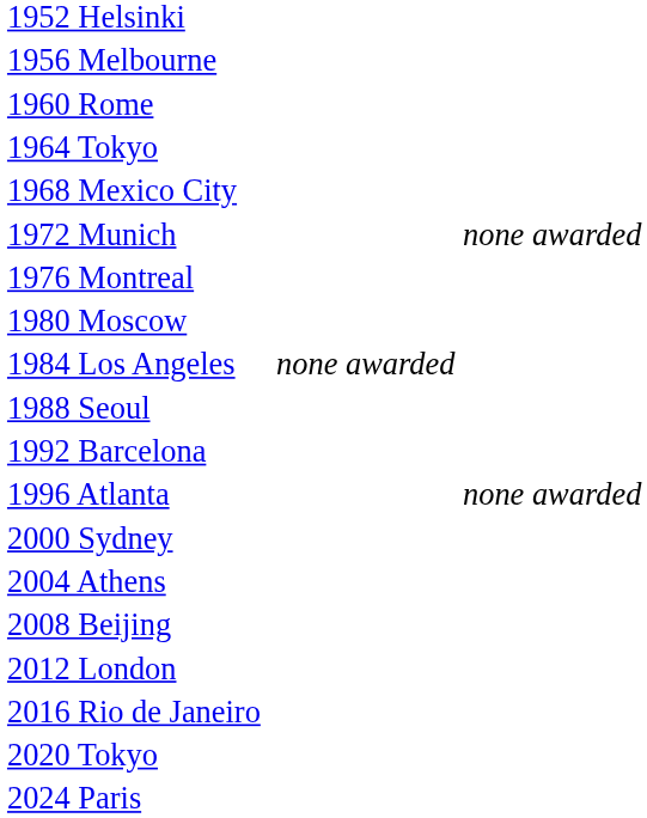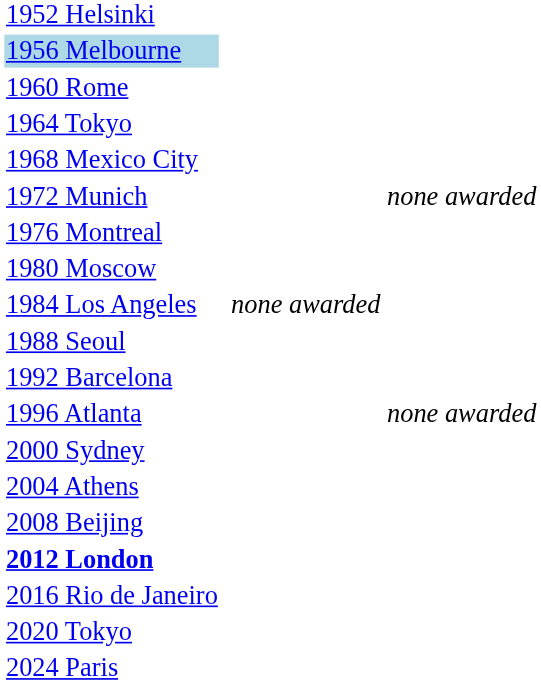 <table>
 <tr>
 <td><a href='#'>1952 Helsinki</a><br></td>
 <td></td>
 <td></td>
 <td></td>
 </tr>
 <tr>
-<td><a href='#'>1956 Melbourne</a><br></td>
+<td style="background: lightblue;"><a href='#'>1956 Melbourne</a><br></td>
 <td></td>
 <td></td>
 <td></td>
 </tr>
 <tr>
 <td><a href='#'>1960 Rome</a><br></td>
 <td></td>
 <td></td>
 <td></td>
 </tr>
 <tr>
 <td><a href='#'>1964 Tokyo</a><br></td>
 <td></td>
 <td></td>
 <td></td>
 </tr>
 <tr>
 <td><a href='#'>1968 Mexico City</a><br></td>
 <td></td>
 <td></td>
 <td></td>
 </tr>
 <tr valign="top">
 <td rowspan="2"><a href='#'>1972 Munich</a><br></td>
 <td rowspan="2"></td>
 <td></td>
 <td rowspan="2" align="center"><em>none awarded</em></td>
 </tr>
 <tr>
 <td></td>
 </tr>
 <tr valign="top">
 <td><a href='#'>1976 Montreal</a><br></td>
 <td></td>
 <td></td>
 <td></td>
 </tr>
 <tr valign="top">
 <td rowspan="3"><a href='#'>1980 Moscow</a><br></td>
 <td rowspan="3"></td>
 <td rowspan="3"></td>
 <td></td>
 </tr>
 <tr>
 <td></td>
 </tr>
 <tr>
 <td></td>
 </tr>
 <tr valign="top">
 <td rowspan="2"><a href='#'>1984 Los Angeles</a><br></td>
 <td></td>
 <td rowspan="2" align="center"><em>none awarded</em></td>
 <td rowspan="2"></td>
 </tr>
 <tr>
 <td></td>
 </tr>
 <tr valign="top">
 <td><a href='#'>1988 Seoul</a><br></td>
 <td></td>
 <td></td>
 <td></td>
 </tr>
 <tr valign="top">
 <td><a href='#'>1992 Barcelona</a><br></td>
 <td></td>
 <td></td>
 <td></td>
 </tr>
 <tr valign="top">
 <td rowspan="2"><a href='#'>1996 Atlanta</a><br></td>
 <td rowspan="2"></td>
 <td></td>
 <td rowspan="2" align="center"><em>none awarded</em></td>
 </tr>
 <tr>
 <td></td>
 </tr>
 <tr>
 <td><a href='#'>2000 Sydney</a><br></td>
 <td></td>
 <td></td>
 <td></td>
 </tr>
 <tr>
 <td><a href='#'>2004 Athens</a><br></td>
 <td></td>
 <td></td>
 <td></td>
 </tr>
 <tr>
 <td><a href='#'>2008 Beijing</a><br></td>
 <td></td>
 <td></td>
 <td></td>
 </tr>
 <tr>
-<td><a href='#'>2012 London</a><br></td>
+<td><strong><a href='#'>2012 London</a><br></strong></td>
 <td></td>
 <td></td>
 <td></td>
 </tr>
 <tr>
 <td><a href='#'>2016 Rio de Janeiro</a><br></td>
 <td></td>
 <td></td>
 <td></td>
 </tr>
 <tr>
 <td><a href='#'>2020 Tokyo</a><br></td>
 <td></td>
 <td></td>
 <td></td>
 </tr>
 <tr>
 <td><a href='#'>2024 Paris</a> <br></td>
 <td></td>
 <td></td>
 <td></td>
 </tr>
 <tr>
 </tr>
 </table>
